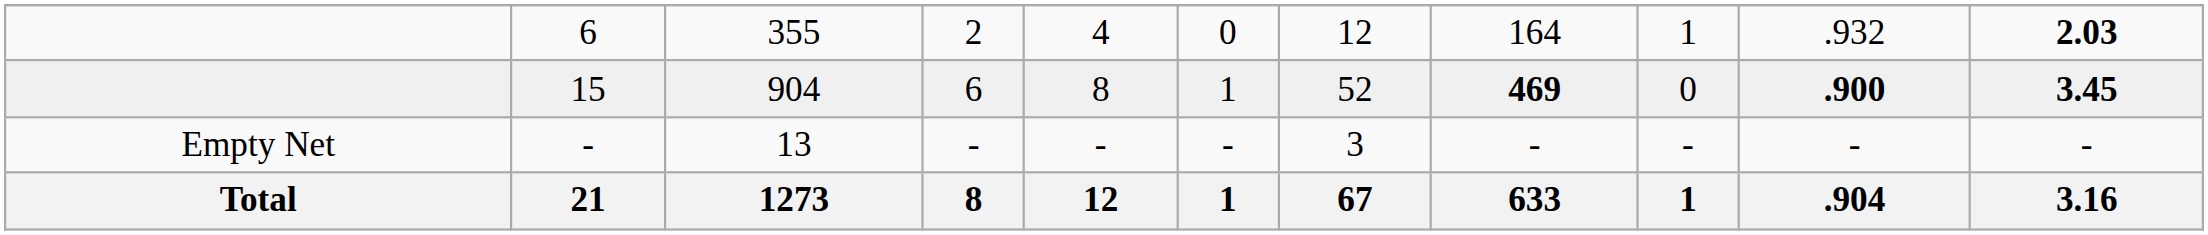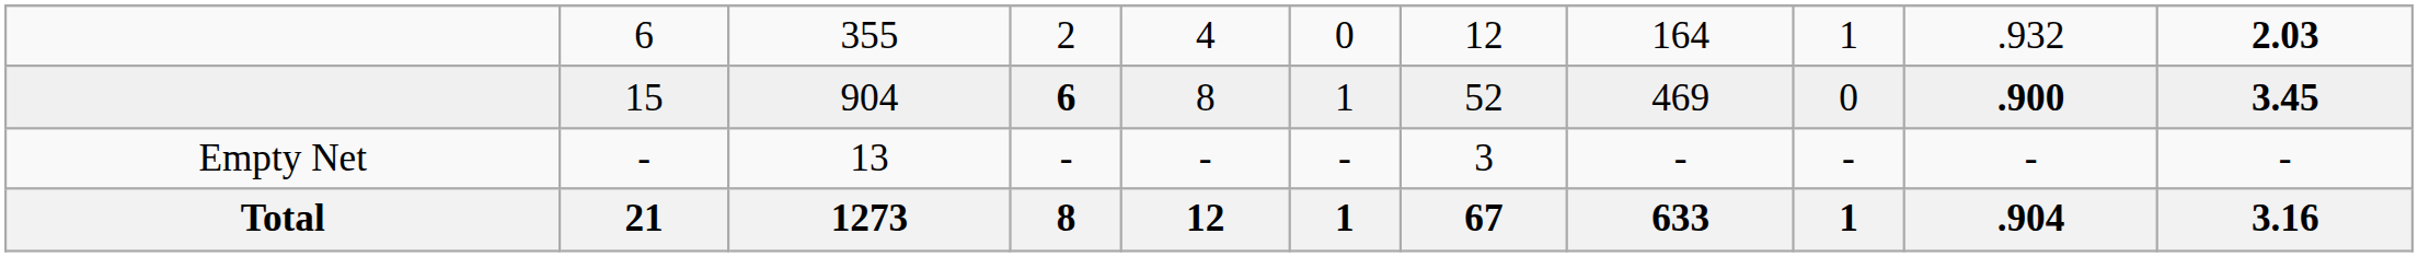 <table class="wikitable sortable" width ="1000">
 <tr align="center">
 </tr>
 <tr align="center" bgcolor="">
 <td></td>
 <td>6</td>
 <td>355</td>
 <td>2</td>
 <td>4</td>
 <td>0</td>
 <td>12</td>
 <td>164</td>
 <td>1</td>
 <td>.932</td>
 <td><strong>2.03</strong></td>
 </tr>
 <tr align="center" bgcolor="f0f0f0">
 <td></td>
 <td>15</td>
 <td>904</td>
-<td>6</td>
+<td><strong>6</strong></td>
 <td>8</td>
 <td>1</td>
 <td>52</td>
-<td><strong>469</strong></td>
+<td>469</td>
 <td>0</td>
 <td><strong>.900</strong></td>
 <td><strong>3.45</strong></td>
 </tr>
 <tr align="center" bgcolor="">
 <td>Empty Net</td>
 <td>-</td>
 <td>13</td>
 <td>-</td>
 <td>-</td>
 <td>-</td>
 <td>3</td>
 <td>-</td>
 <td>-</td>
 <td>-</td>
 <td>-</td>
 </tr>
 <tr>
 <th>Total</th>
 <th>21</th>
 <th>1273</th>
 <th>8</th>
 <th>12</th>
 <th>1</th>
 <th>67</th>
 <th>633</th>
 <th>1</th>
 <th>.904</th>
 <th>3.16</th>
 </tr>
 </table>
